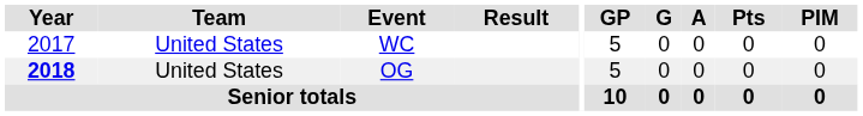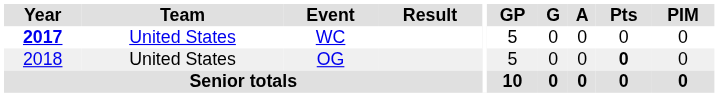 <table border="0" cellpadding="1" cellspacing="0" ID="Table3" style="text-align:center; width:40em;">
 <tr bgcolor="#e0e0e0">
 <th>Year</th>
 <th>Team</th>
 <th>Event</th>
 <th>Result</th>
 <th rowspan="101" bgcolor="#ffffff"></th>
 <th>GP</th>
 <th>G</th>
 <th>A</th>
 <th>Pts</th>
 <th>PIM</th>
 </tr>
 <tr>
-<td><a href='#'>2017</a></td>
+<td><strong><a href='#'>2017</a></strong></td>
 <td><a href='#'>United States</a></td>
 <td><a href='#'>WC</a></td>
 <td></td>
 <td>5</td>
 <td>0</td>
 <td>0</td>
 <td>0</td>
 <td>0</td>
 </tr>
 <tr bgcolor="#f0f0f0">
-<td><strong><a href='#'>2018</a></strong></td>
+<td><a href='#'>2018</a></td>
 <td>United States</td>
 <td><a href='#'>OG</a></td>
 <td></td>
 <td>5</td>
 <td>0</td>
 <td>0</td>
-<td>0</td>
+<td><strong>0</strong></td>
 <td>0</td>
 </tr>
 <tr bgcolor="#e0e0e0">
 <th colspan="4">Senior totals</th>
 <th>10</th>
 <th>0</th>
 <th>0</th>
 <th>0</th>
 <th>0</th>
 </tr>
 </table>
